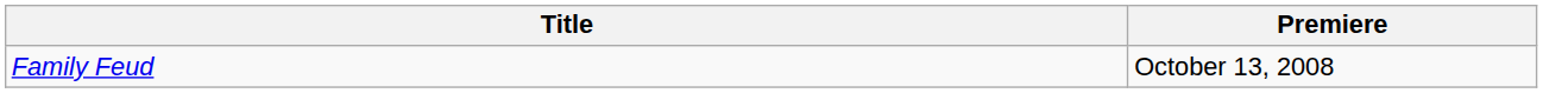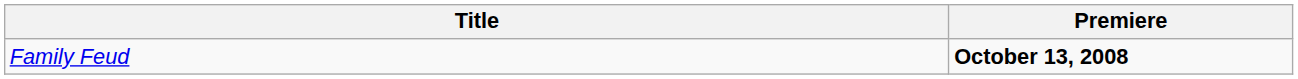 <table class="wikitable sortable" width="75%">
 <tr>
 <th style="width:55%;">Title</th>
 <th style="width:20%;">Premiere</th>
 </tr>
 <tr>
 <td><em><a href='#'>Family Feud</a></em></td>
-<td>October 13, 2008</td>
+<td><strong>October 13, 2008</strong></td>
 </tr>
 </table>
